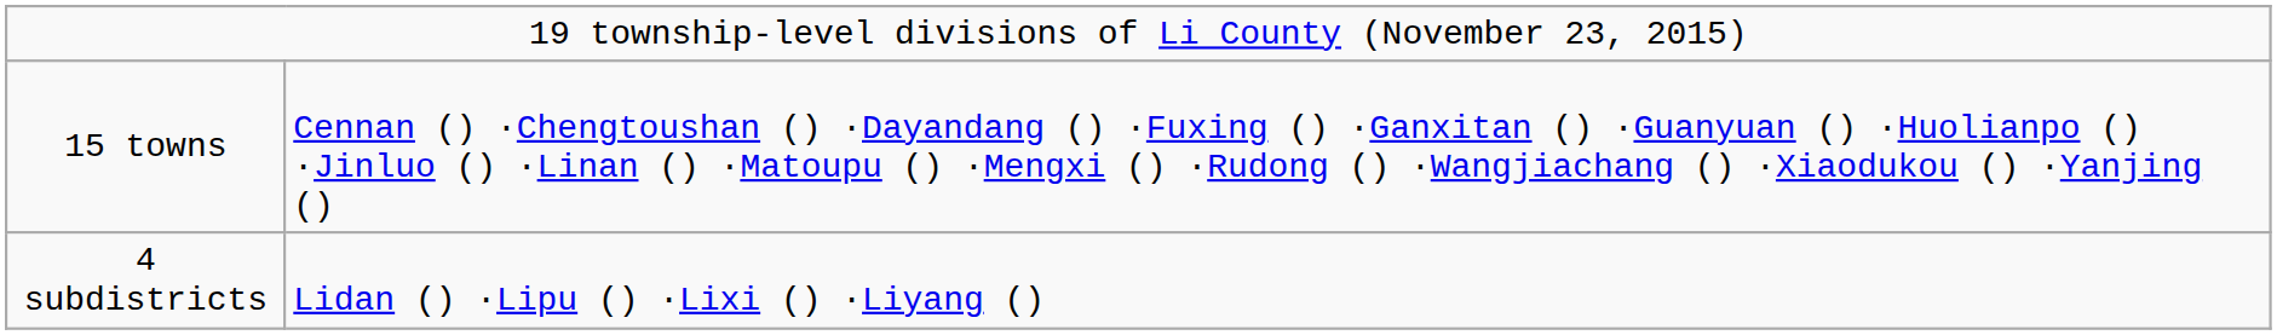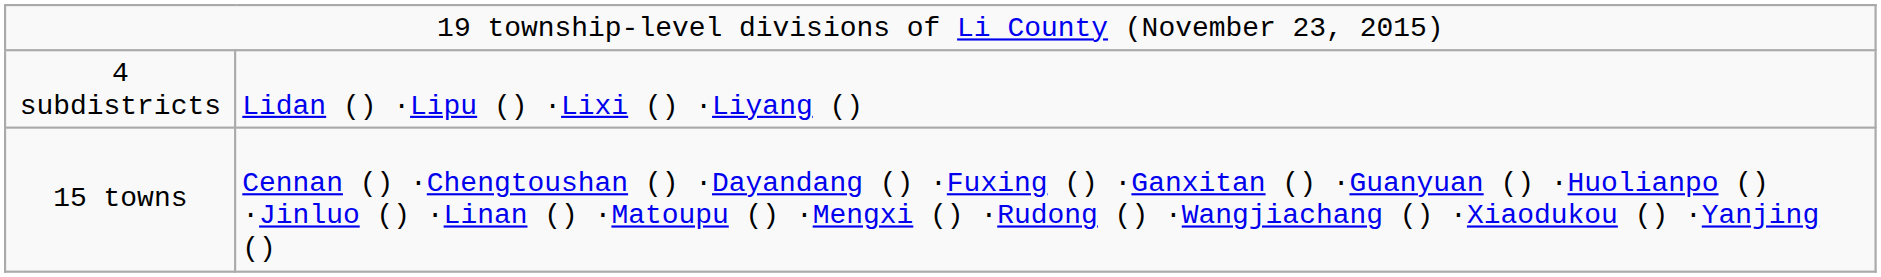 <table class="wikitable">
 <tr>
 <td style="text-align:center;" colspan="2">19 township-level divisions of <a href='#'>Li County</a> (November 23, 2015)</td>
 </tr>
 <tr align=left>
+<td align=center>4 subdistricts</td>
+<td><br><a href='#'>Lidan</a> () ·<a href='#'>Lipu</a> () ·<a href='#'>Lixi</a> () ·<a href='#'>Liyang</a> ()</td>
+</tr>
+<tr align=left>
 <td align=center>15 towns</td>
 <td><br><a href='#'>Cennan</a> () ·<a href='#'>Chengtoushan</a> () ·<a href='#'>Dayandang</a> () ·<a href='#'>Fuxing</a> () ·<a href='#'>Ganxitan</a> () ·<a href='#'>Guanyuan</a> () ·<a href='#'>Huolianpo</a> () ·<a href='#'>Jinluo</a> () ·<a href='#'>Linan</a> () ·<a href='#'>Matoupu</a> () ·<a href='#'>Mengxi</a> () ·<a href='#'>Rudong</a> ()   ·<a href='#'>Wangjiachang</a> () ·<a href='#'>Xiaodukou</a> () ·<a href='#'>Yanjing</a> ()</td>
 </tr>
-<tr align=left>
-<td align=center>4 subdistricts</td>
-<td><br><a href='#'>Lidan</a> () ·<a href='#'>Lipu</a> () ·<a href='#'>Lixi</a> () ·<a href='#'>Liyang</a> ()</td>
-</tr>
 </table>
